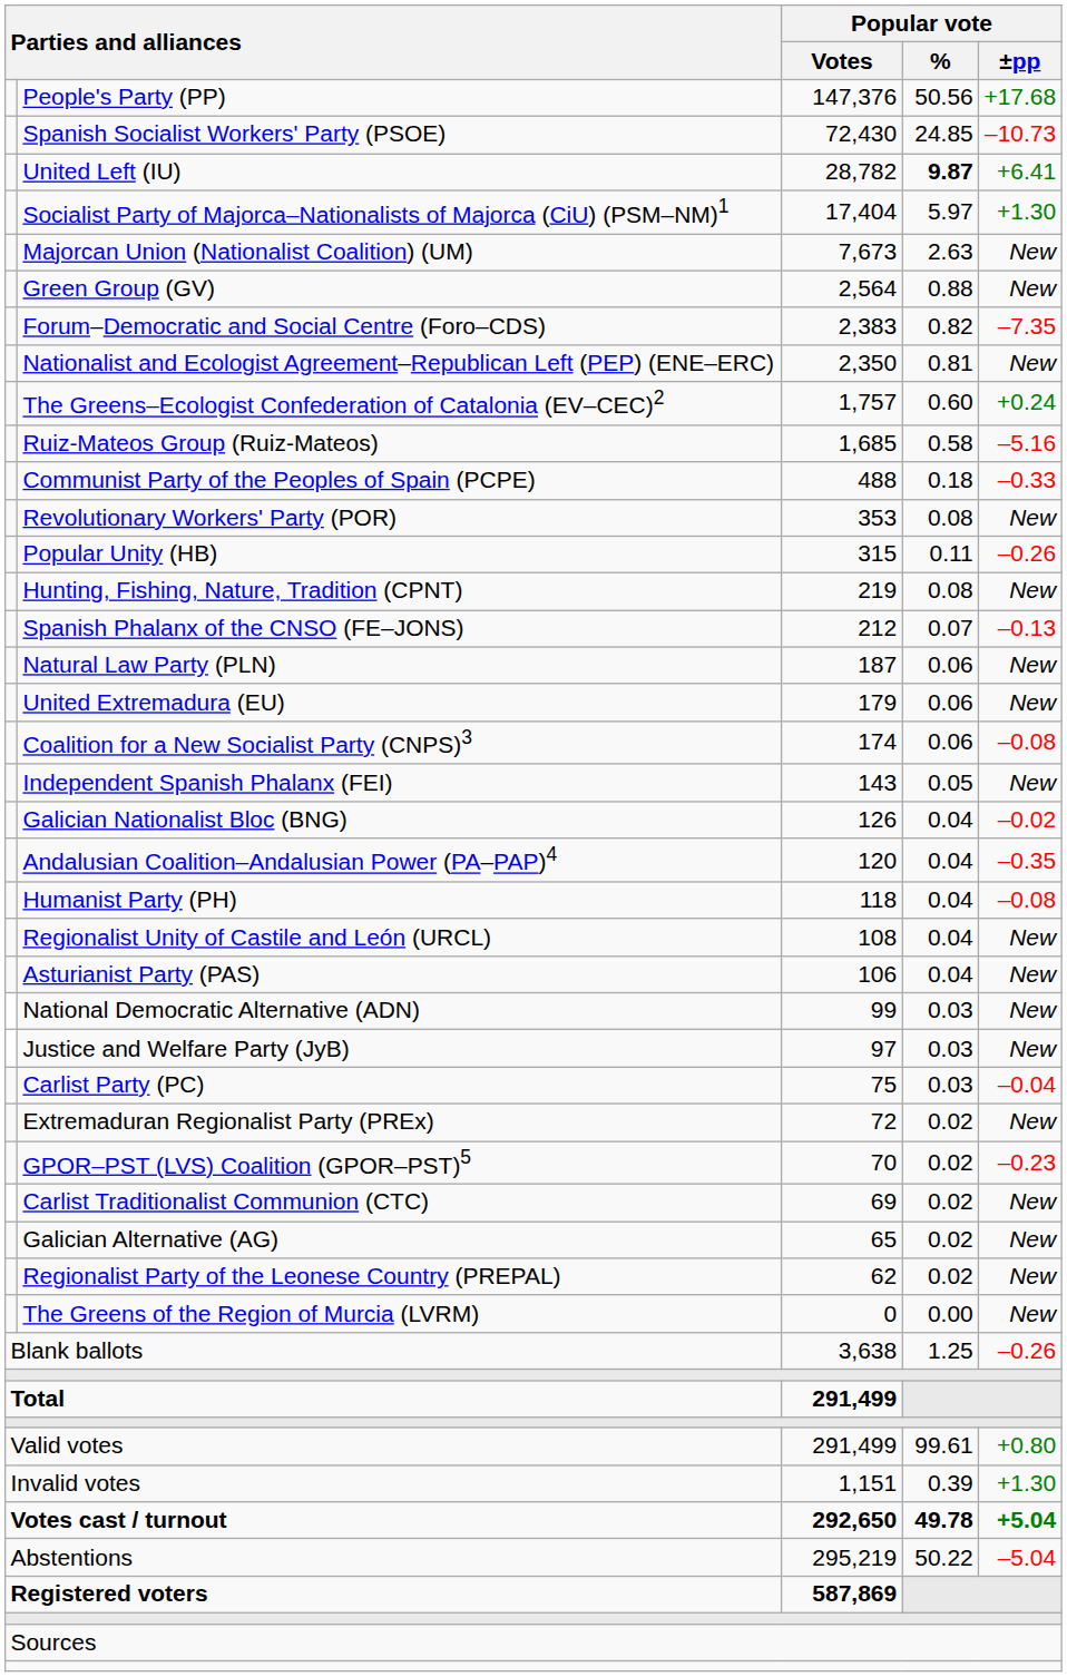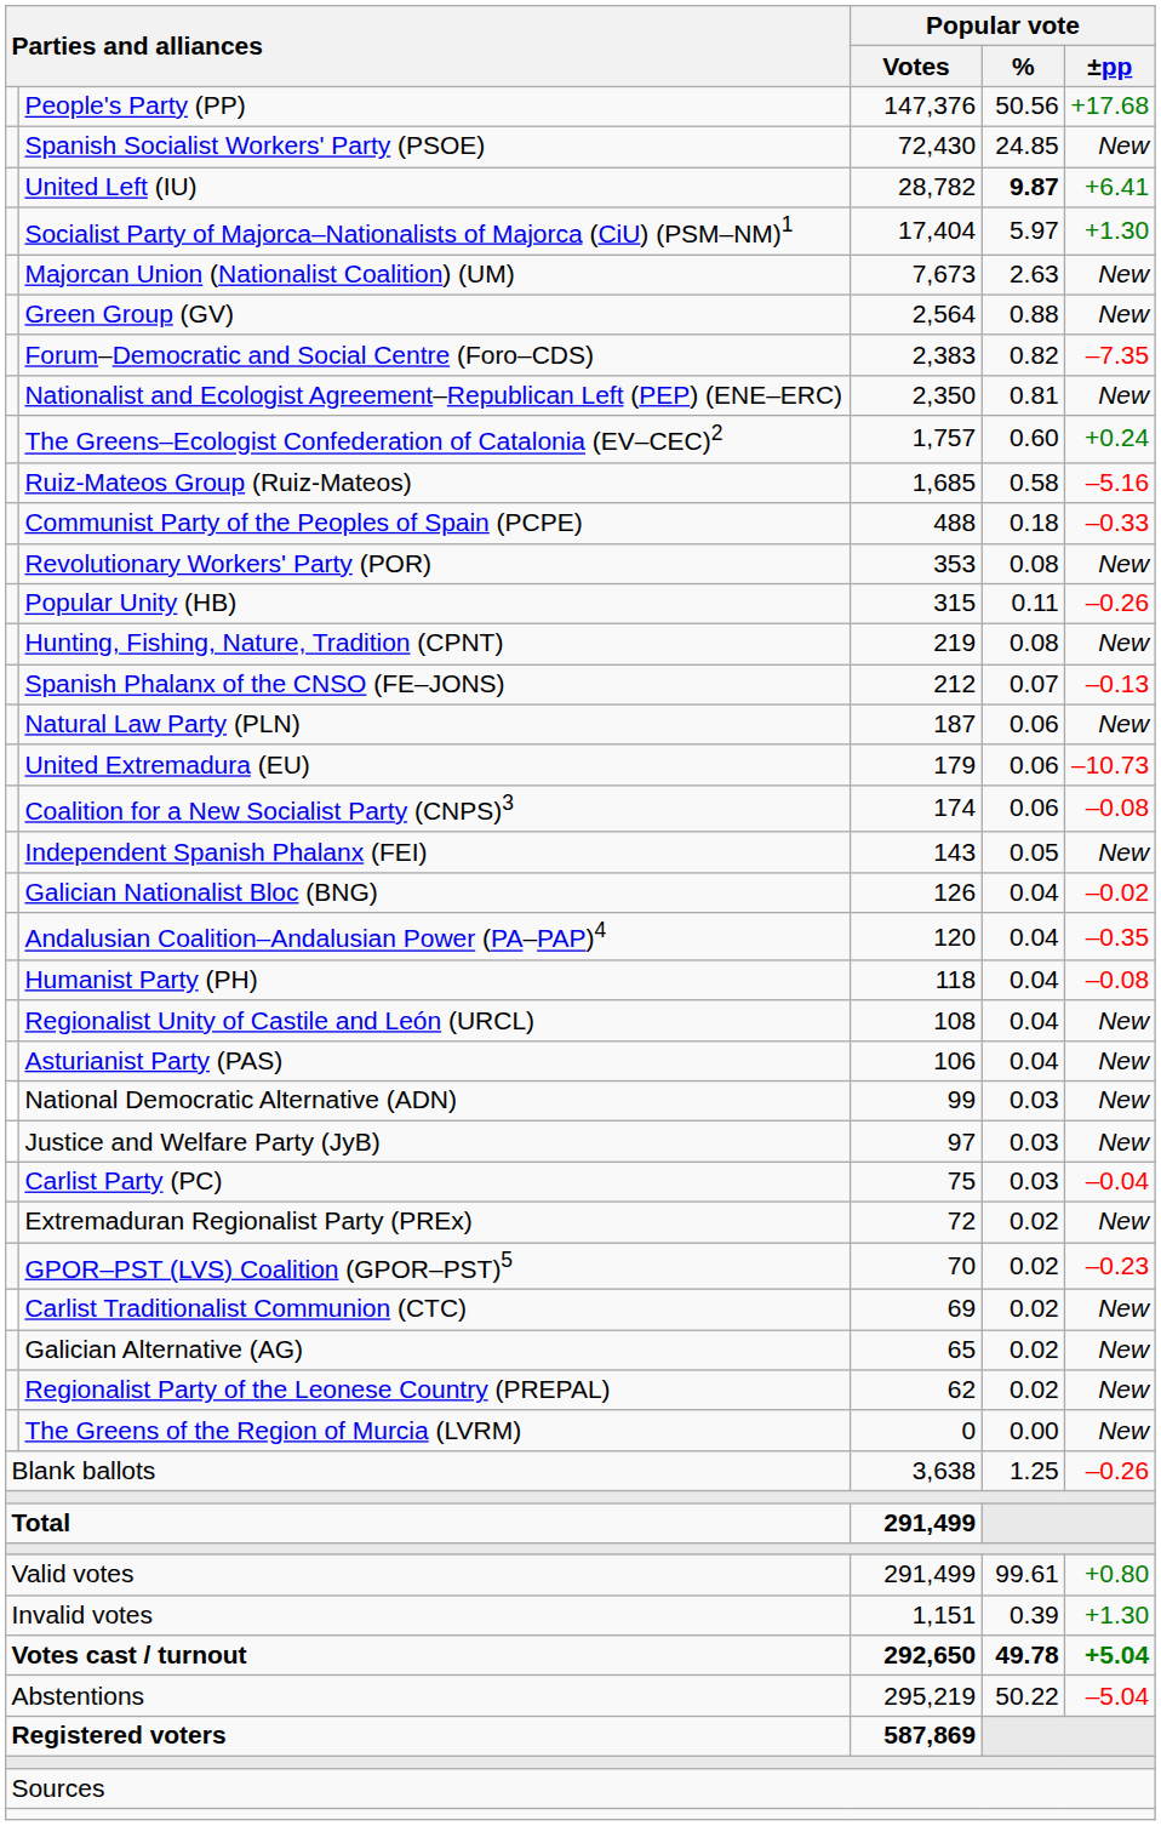 <table class="wikitable" style="text-align:right">
 <tr>
 <th style="text-align:left;" rowspan="2" colspan="2" width="525">Parties and alliances</th>
 <th colspan="3">Popular vote</th>
 </tr>
 <tr>
 <th width="75">Votes</th>
 <th width="45">%</th>
 <th width="45">±<a href='#'>pp</a></th>
 </tr>
 <tr>
 <td width="1" style="color:inherit;background:"></td>
 <td align="left"><a href='#'>People's Party</a> (PP)</td>
 <td>147,376</td>
 <td>50.56</td>
 <td style="color:green;">+17.68</td>
 </tr>
 <tr>
 <td style="color:inherit;background:"></td>
 <td align="left"><a href='#'>Spanish Socialist Workers' Party</a> (PSOE)</td>
 <td>72,430</td>
 <td>24.85</td>
-<td style="color:red;">–10.73</td>
+<td><em>New</em></td>
 </tr>
 <tr>
 <td style="color:inherit;background:"></td>
 <td align="left"><a href='#'>United Left</a> (IU)</td>
 <td>28,782</td>
 <td><strong>9.87</strong></td>
 <td style="color:green;">+6.41</td>
 </tr>
 <tr>
 <td style="color:inherit;background:"></td>
 <td align="left"><a href='#'>Socialist Party of Majorca–Nationalists of Majorca</a> (<a href='#'>CiU</a>) (PSM–NM)<sup>1</sup></td>
 <td>17,404</td>
 <td>5.97</td>
 <td style="color:green;">+1.30</td>
 </tr>
 <tr>
 <td style="color:inherit;background:"></td>
 <td align="left"><a href='#'>Majorcan Union</a> (<a href='#'>Nationalist Coalition</a>) (UM)</td>
 <td>7,673</td>
 <td>2.63</td>
 <td><em>New</em></td>
 </tr>
 <tr>
 <td style="color:inherit;background:"></td>
 <td align="left"><a href='#'>Green Group</a> (GV)</td>
 <td>2,564</td>
 <td>0.88</td>
 <td><em>New</em></td>
 </tr>
 <tr>
 <td style="color:inherit;background:"></td>
 <td align="left"><a href='#'>Forum</a>–<a href='#'>Democratic and Social Centre</a> (Foro–CDS)</td>
 <td>2,383</td>
 <td>0.82</td>
 <td style="color:red;">–7.35</td>
 </tr>
 <tr>
 <td style="color:inherit;background:"></td>
 <td align="left"><a href='#'>Nationalist and Ecologist Agreement</a>–<a href='#'>Republican Left</a> (<a href='#'>PEP</a>) (ENE–ERC)</td>
 <td>2,350</td>
 <td>0.81</td>
 <td><em>New</em></td>
 </tr>
 <tr>
 <td style="color:inherit;background:"></td>
 <td align="left"><a href='#'>The Greens–Ecologist Confederation of Catalonia</a> (EV–CEC)<sup>2</sup></td>
 <td>1,757</td>
 <td>0.60</td>
 <td style="color:green;">+0.24</td>
 </tr>
 <tr>
 <td style="color:inherit;background:"></td>
 <td align="left"><a href='#'>Ruiz-Mateos Group</a> (Ruiz-Mateos)</td>
 <td>1,685</td>
 <td>0.58</td>
 <td style="color:red;">–5.16</td>
 </tr>
 <tr>
 <td style="color:inherit;background:"></td>
 <td align="left"><a href='#'>Communist Party of the Peoples of Spain</a> (PCPE)</td>
 <td>488</td>
 <td>0.18</td>
 <td style="color:red;">–0.33</td>
 </tr>
 <tr>
 <td style="color:inherit;background:"></td>
 <td align="left"><a href='#'>Revolutionary Workers' Party</a> (POR)</td>
 <td>353</td>
 <td>0.08</td>
 <td><em>New</em></td>
 </tr>
 <tr>
 <td style="color:inherit;background:"></td>
 <td align="left"><a href='#'>Popular Unity</a> (HB)</td>
 <td>315</td>
 <td>0.11</td>
 <td style="color:red;">–0.26</td>
 </tr>
 <tr>
 <td style="color:inherit;background:"></td>
 <td align="left"><a href='#'>Hunting, Fishing, Nature, Tradition</a> (CPNT)</td>
 <td>219</td>
 <td>0.08</td>
 <td><em>New</em></td>
 </tr>
 <tr>
 <td style="color:inherit;background:"></td>
 <td align="left"><a href='#'>Spanish Phalanx of the CNSO</a> (FE–JONS)</td>
 <td>212</td>
 <td>0.07</td>
 <td style="color:red;">–0.13</td>
 </tr>
 <tr>
 <td style="color:inherit;background:"></td>
 <td align="left"><a href='#'>Natural Law Party</a> (PLN)</td>
 <td>187</td>
 <td>0.06</td>
 <td><em>New</em></td>
 </tr>
 <tr>
 <td style="color:inherit;background:"></td>
 <td align="left"><a href='#'>United Extremadura</a> (EU)</td>
 <td>179</td>
 <td>0.06</td>
-<td><em>New</em></td>
+<td style="color:red;">–10.73</td>
 </tr>
 <tr>
 <td style="color:inherit;background:"></td>
 <td align="left"><a href='#'>Coalition for a New Socialist Party</a> (CNPS)<sup>3</sup></td>
 <td>174</td>
 <td>0.06</td>
 <td style="color:red;">–0.08</td>
 </tr>
 <tr>
 <td style="color:inherit;background:"></td>
 <td align="left"><a href='#'>Independent Spanish Phalanx</a> (FEI)</td>
 <td>143</td>
 <td>0.05</td>
 <td><em>New</em></td>
 </tr>
 <tr>
 <td style="color:inherit;background:"></td>
 <td align="left"><a href='#'>Galician Nationalist Bloc</a> (BNG)</td>
 <td>126</td>
 <td>0.04</td>
 <td style="color:red;">–0.02</td>
 </tr>
 <tr>
 <td style="color:inherit;background:"></td>
 <td align="left"><a href='#'>Andalusian Coalition–Andalusian Power</a> (<a href='#'>PA</a>–<a href='#'>PAP</a>)<sup>4</sup></td>
 <td>120</td>
 <td>0.04</td>
 <td style="color:red;">–0.35</td>
 </tr>
 <tr>
 <td style="color:inherit;background:"></td>
 <td align="left"><a href='#'>Humanist Party</a> (PH)</td>
 <td>118</td>
 <td>0.04</td>
 <td style="color:red;">–0.08</td>
 </tr>
 <tr>
 <td style="color:inherit;background:"></td>
 <td align="left"><a href='#'>Regionalist Unity of Castile and León</a> (URCL)</td>
 <td>108</td>
 <td>0.04</td>
 <td><em>New</em></td>
 </tr>
 <tr>
 <td style="color:inherit;background:"></td>
 <td align="left"><a href='#'>Asturianist Party</a> (PAS)</td>
 <td>106</td>
 <td>0.04</td>
 <td><em>New</em></td>
 </tr>
 <tr>
 <td bgcolor="white"></td>
 <td align="left">National Democratic Alternative (ADN)</td>
 <td>99</td>
 <td>0.03</td>
 <td><em>New</em></td>
 </tr>
 <tr>
 <td bgcolor="white"></td>
 <td align="left">Justice and Welfare Party (JyB)</td>
 <td>97</td>
 <td>0.03</td>
 <td><em>New</em></td>
 </tr>
 <tr>
 <td style="color:inherit;background:"></td>
 <td align="left"><a href='#'>Carlist Party</a> (PC)</td>
 <td>75</td>
 <td>0.03</td>
 <td style="color:red;">–0.04</td>
 </tr>
 <tr>
 <td style="color:inherit;background:"></td>
 <td align="left">Extremaduran Regionalist Party (PREx)</td>
 <td>72</td>
 <td>0.02</td>
 <td><em>New</em></td>
 </tr>
 <tr>
 <td style="color:inherit;background:"></td>
 <td align="left"><a href='#'>GPOR–PST (LVS) Coalition</a> (GPOR–PST)<sup>5</sup></td>
 <td>70</td>
 <td>0.02</td>
 <td style="color:red;">–0.23</td>
 </tr>
 <tr>
 <td bgcolor="white"></td>
 <td align="left"><a href='#'>Carlist Traditionalist Communion</a> (CTC)</td>
 <td>69</td>
 <td>0.02</td>
 <td><em>New</em></td>
 </tr>
 <tr>
 <td style="color:inherit;background:"></td>
 <td align="left">Galician Alternative (AG)</td>
 <td>65</td>
 <td>0.02</td>
 <td><em>New</em></td>
 </tr>
 <tr>
 <td style="color:inherit;background:"></td>
 <td align="left"><a href='#'>Regionalist Party of the Leonese Country</a> (PREPAL)</td>
 <td>62</td>
 <td>0.02</td>
 <td><em>New</em></td>
 </tr>
 <tr>
 <td style="color:inherit;background:"></td>
 <td align="left"><a href='#'>The Greens of the Region of Murcia</a> (LVRM)</td>
 <td>0</td>
 <td>0.00</td>
 <td><em>New</em></td>
 </tr>
 <tr>
 <td align="left" colspan="2">Blank ballots</td>
 <td>3,638</td>
 <td>1.25</td>
 <td style="color:red;">–0.26</td>
 </tr>
 <tr>
 <td colspan="5" bgcolor="#E9E9E9"></td>
 </tr>
 <tr style="font-weight:bold;">
 <td align="left" colspan="2">Total</td>
 <td>291,499</td>
 <td bgcolor="#E9E9E9" colspan="2"></td>
 </tr>
 <tr>
 <td colspan="5" bgcolor="#E9E9E9"></td>
 </tr>
 <tr>
 <td align="left" colspan="2">Valid votes</td>
 <td>291,499</td>
 <td>99.61</td>
 <td style="color:green;">+0.80</td>
 </tr>
 <tr>
 <td align="left" colspan="2">Invalid votes</td>
 <td>1,151</td>
 <td>0.39</td>
 <td style="color:green;">+1.30</td>
 </tr>
 <tr style="font-weight:bold;">
 <td align="left" colspan="2">Votes cast / turnout</td>
 <td>292,650</td>
 <td>49.78</td>
 <td style="color:green;">+5.04</td>
 </tr>
 <tr>
 <td align="left" colspan="2">Abstentions</td>
 <td>295,219</td>
 <td>50.22</td>
 <td style="color:red;">–5.04</td>
 </tr>
 <tr style="font-weight:bold;">
 <td align="left" colspan="2">Registered voters</td>
 <td>587,869</td>
 <td bgcolor="#E9E9E9" colspan="2"></td>
 </tr>
 <tr>
 <td colspan="5" bgcolor="#E9E9E9"></td>
 </tr>
 <tr>
 <td align="left" colspan="5">Sources</td>
 </tr>
 <tr>
 <td colspan="5" style="text-align:left; max-width:680px;"></td>
 </tr>
 </table>
